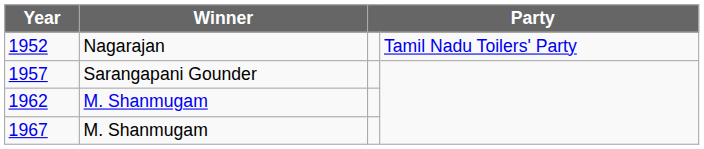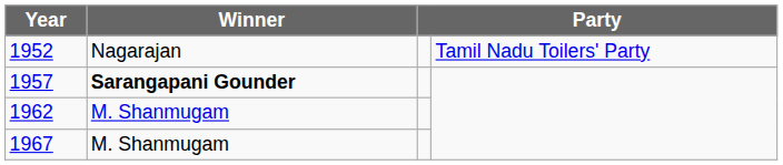 <table class="wikitable" width="50%">
 <tr>
 <th style="background-color:#666666; color:white">Year</th>
 <th style="background-color:#666666; color:white">Winner</th>
 <th style="background-color:#666666; color:white" colspan="2">Party</th>
 </tr>
 <tr>
 <td><a href='#'>1952</a></td>
 <td>Nagarajan</td>
 <td></td>
 <td><a href='#'>Tamil Nadu Toilers' Party</a></td>
 </tr>
 <tr>
 <td><a href='#'>1957</a></td>
-<td>Sarangapani Gounder</td>
+<td><strong>Sarangapani Gounder</strong></td>
 <td></td>
 </tr>
 <tr>
 <td><a href='#'>1962</a></td>
 <td><a href='#'>M. Shanmugam</a></td>
 <td></td>
 </tr>
 <tr>
 <td><a href='#'>1967</a></td>
 <td>M. Shanmugam</td>
 <td></td>
 </tr>
 </table>
